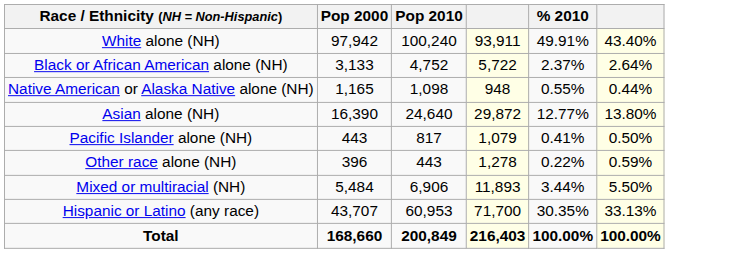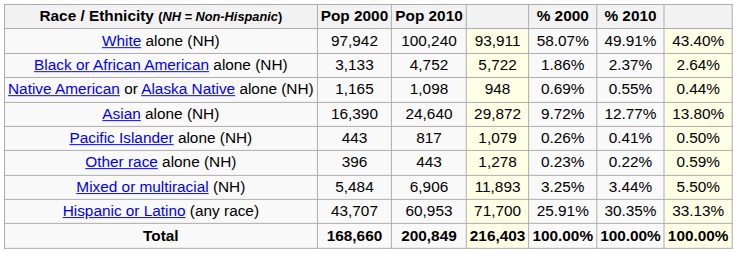 <table class="wikitable" style="text-align:center;">
 <tr>
 <th>Race / Ethnicity <small>(<em>NH = Non-Hispanic</em>)</small></th>
 <th>Pop 2000</th>
 <th>Pop 2010</th>
 <th></th>
+<th>% 2000</th>
 <th>% 2010</th>
 <th></th>
 </tr>
 <tr>
 <td><a href='#'>White</a> alone (NH)</td>
 <td>97,942</td>
 <td>100,240</td>
 <td style='background: #ffffe6;'>93,911</td>
+<td>58.07%</td>
 <td>49.91%</td>
 <td style='background: #ffffe6;'>43.40%</td>
 </tr>
 <tr>
 <td><a href='#'>Black or African American</a> alone (NH)</td>
 <td>3,133</td>
 <td>4,752</td>
 <td style='background: #ffffe6;'>5,722</td>
+<td>1.86%</td>
 <td>2.37%</td>
 <td style='background: #ffffe6;'>2.64%</td>
 </tr>
 <tr>
 <td><a href='#'>Native American</a> or <a href='#'>Alaska Native</a> alone (NH)</td>
 <td>1,165</td>
 <td>1,098</td>
 <td style='background: #ffffe6;'>948</td>
+<td>0.69%</td>
 <td>0.55%</td>
 <td style='background: #ffffe6;'>0.44%</td>
 </tr>
 <tr>
 <td><a href='#'>Asian</a> alone (NH)</td>
 <td>16,390</td>
 <td>24,640</td>
 <td style='background: #ffffe6;'>29,872</td>
+<td>9.72%</td>
 <td>12.77%</td>
 <td style='background: #ffffe6;'>13.80%</td>
 </tr>
 <tr>
 <td><a href='#'>Pacific Islander</a> alone (NH)</td>
 <td>443</td>
 <td>817</td>
 <td style='background: #ffffe6;'>1,079</td>
+<td>0.26%</td>
 <td>0.41%</td>
 <td style='background: #ffffe6;'>0.50%</td>
 </tr>
 <tr>
 <td><a href='#'>Other race</a> alone (NH)</td>
 <td>396</td>
 <td>443</td>
 <td style='background: #ffffe6;'>1,278</td>
+<td>0.23%</td>
 <td>0.22%</td>
 <td style='background: #ffffe6;'>0.59%</td>
 </tr>
 <tr>
 <td><a href='#'>Mixed or multiracial</a> (NH)</td>
 <td>5,484</td>
 <td>6,906</td>
 <td style='background: #ffffe6;'>11,893</td>
+<td>3.25%</td>
 <td>3.44%</td>
 <td style='background: #ffffe6;'>5.50%</td>
 </tr>
 <tr>
 <td><a href='#'>Hispanic or Latino</a> (any race)</td>
 <td>43,707</td>
 <td>60,953</td>
 <td style='background: #ffffe6;'>71,700</td>
+<td>25.91%</td>
 <td>30.35%</td>
 <td style='background: #ffffe6;'>33.13%</td>
 </tr>
 <tr>
 <td><strong>Total</strong></td>
 <td><strong>168,660</strong></td>
 <td><strong>200,849</strong></td>
 <td style='background: #ffffe6;'><strong>216,403</strong></td>
 <td><strong>100.00%</strong></td>
+<td><strong>100.00%</strong></td>
 <td style='background: #ffffe6;'><strong>100.00%</strong></td>
 </tr>
 </table>
